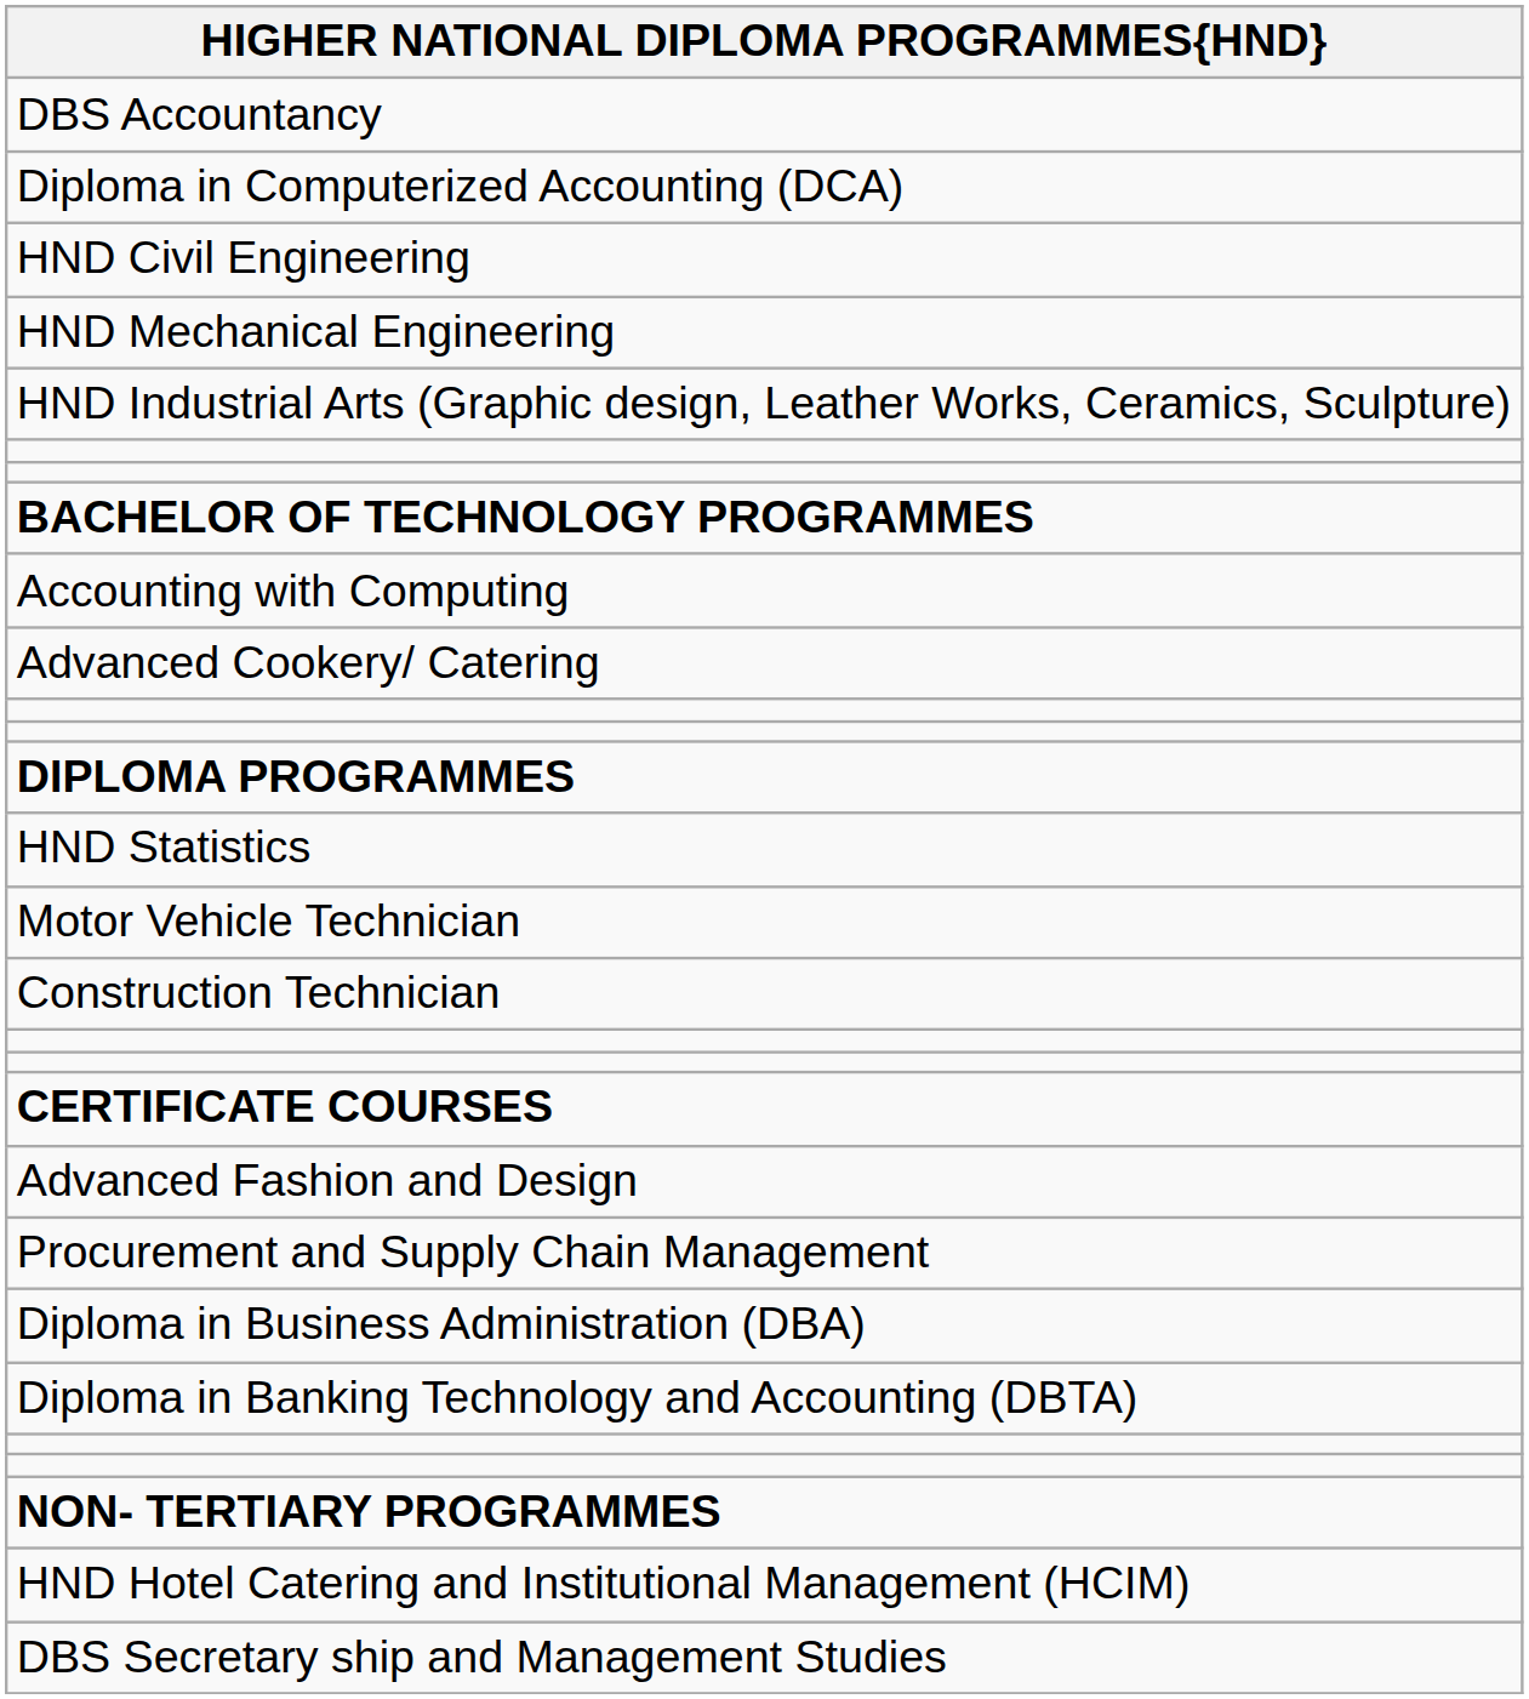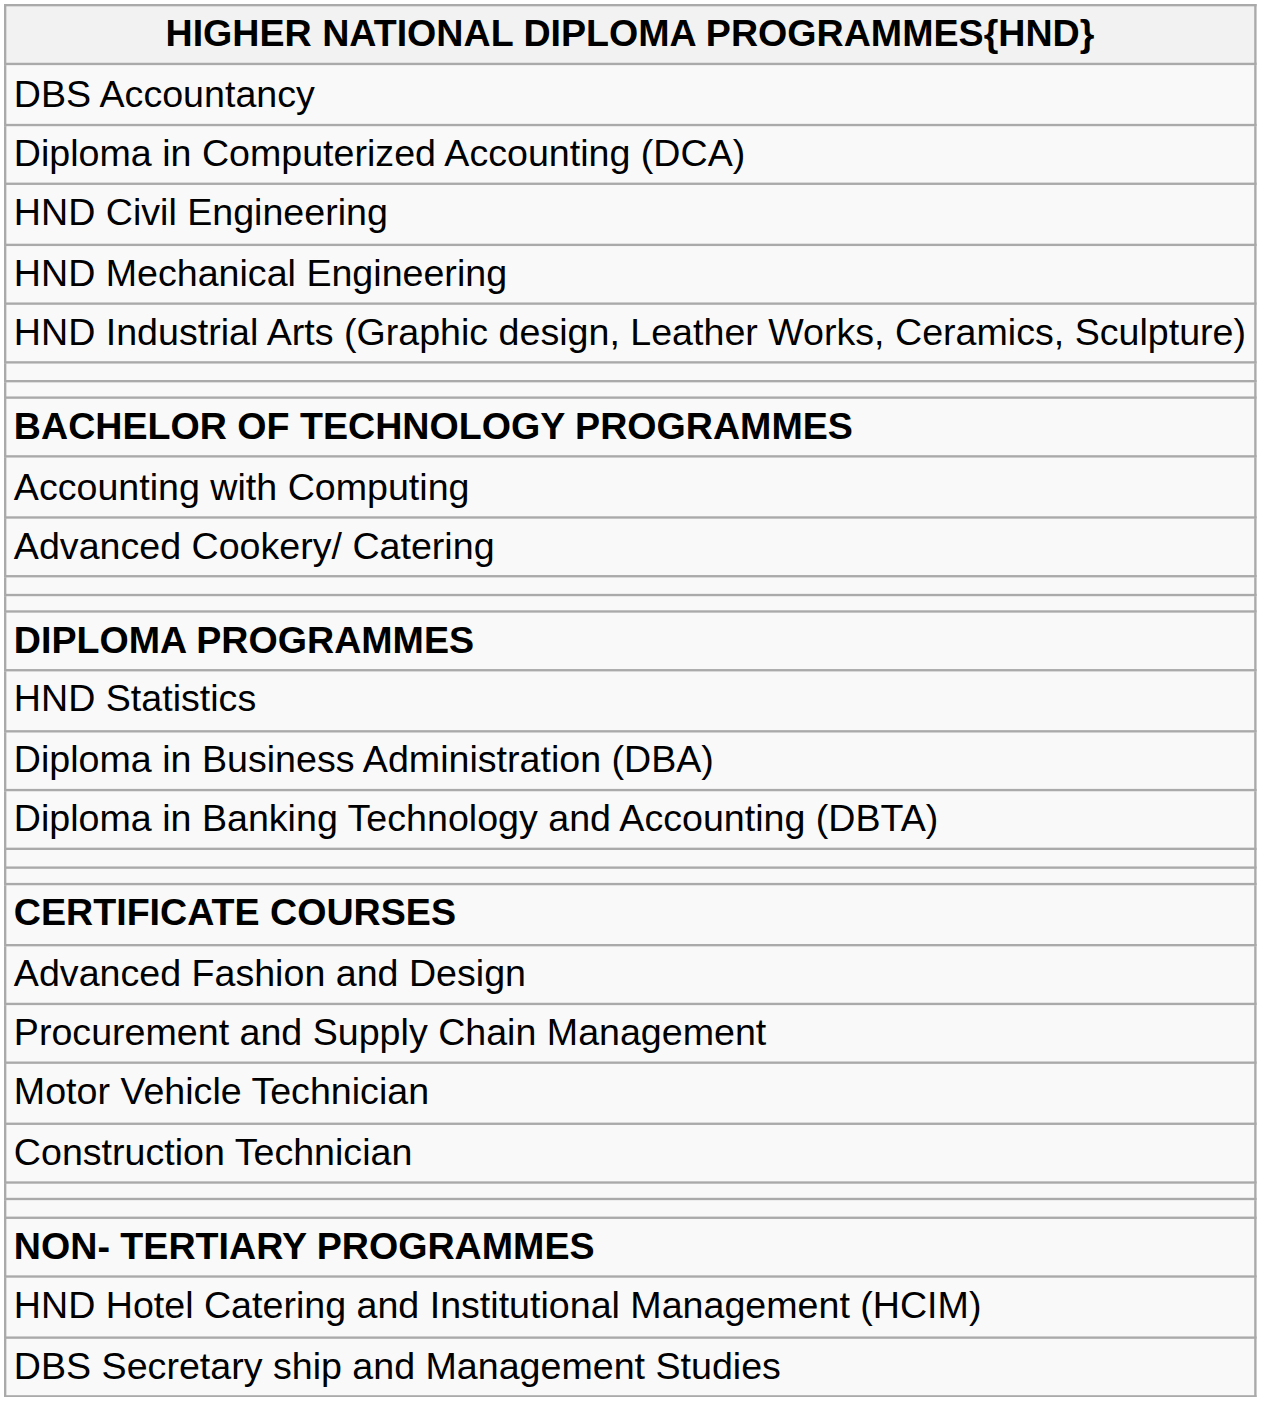 <table class="wikitable">
 <tr>
 <th>HIGHER NATIONAL DIPLOMA PROGRAMMES{HND}</th>
 </tr>
 <tr>
 <td>DBS Accountancy</td>
 </tr>
 <tr>
 <td>Diploma in Computerized Accounting (DCA)</td>
 </tr>
 <tr>
 <td>HND  Civil Engineering</td>
 </tr>
 <tr>
 <td>HND Mechanical Engineering</td>
 </tr>
 <tr>
 <td>HND Industrial Arts (Graphic design, Leather Works, Ceramics, Sculpture)</td>
 </tr>
 <tr>
 <td></td>
 </tr>
 <tr>
 <td></td>
 </tr>
 <tr>
 <td><strong>BACHELOR OF TECHNOLOGY PROGRAMMES</strong></td>
 </tr>
 <tr>
 <td>Accounting with Computing</td>
 </tr>
 <tr>
 <td>Advanced Cookery/ Catering</td>
 </tr>
 <tr>
 <td></td>
 </tr>
 <tr>
 <td></td>
 </tr>
 <tr>
 <td><strong>DIPLOMA PROGRAMMES</strong></td>
 </tr>
 <tr>
 <td>HND  Statistics</td>
 </tr>
 <tr>
-<td>Motor Vehicle Technician</td>
+<td>Diploma in Business Administration (DBA)</td>
 </tr>
 <tr>
-<td>Construction Technician</td>
+<td>Diploma in Banking Technology and Accounting (DBTA)</td>
 </tr>
 <tr>
 <td></td>
 </tr>
 <tr>
 <td></td>
 </tr>
 <tr>
 <td><strong>CERTIFICATE COURSES</strong></td>
 </tr>
 <tr>
 <td>Advanced Fashion and Design</td>
 </tr>
 <tr>
 <td>Procurement and Supply Chain Management</td>
 </tr>
 <tr>
-<td>Diploma in Business Administration (DBA)</td>
+<td>Motor Vehicle Technician</td>
 </tr>
 <tr>
-<td>Diploma in Banking Technology and Accounting (DBTA)</td>
+<td>Construction Technician</td>
 </tr>
 <tr>
 <td></td>
 </tr>
 <tr>
 <td></td>
 </tr>
 <tr>
 <td><strong>NON- TERTIARY PROGRAMMES</strong></td>
 </tr>
 <tr>
 <td>HND Hotel Catering and Institutional Management (HCIM)</td>
 </tr>
 <tr>
 <td>DBS Secretary ship and Management Studies</td>
 </tr>
 </table>
